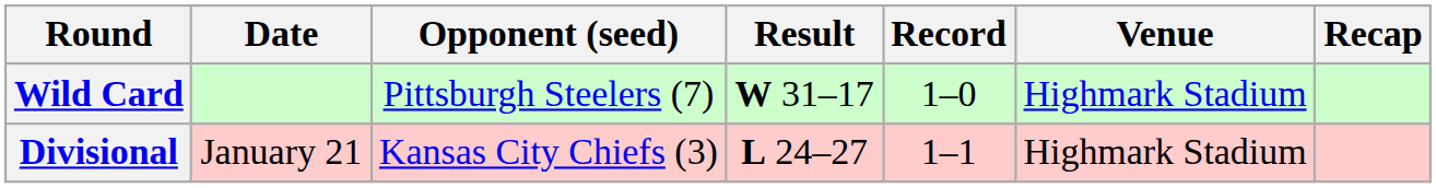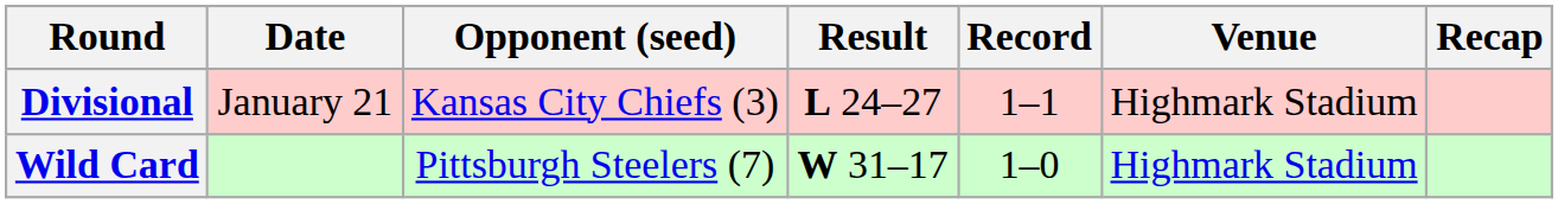 <table class="wikitable" style="text-align:center">
 <tr>
 <th>Round</th>
 <th>Date</th>
 <th>Opponent (seed)</th>
 <th>Result</th>
 <th>Record</th>
 <th>Venue</th>
 <th>Recap</th>
 </tr>
+<tr style="background:#fcc">
+<th><a href='#'>Divisional</a></th>
+<td>January 21</td>
+<td><a href='#'>Kansas City Chiefs</a> (3)</td>
+<td><strong>L</strong> 24–27</td>
+<td>1–1</td>
+<td>Highmark Stadium</td>
+<td></td>
+</tr>
 <tr style="background:#cfc">
 <th><a href='#'>Wild Card</a></th>
 <td></td>
 <td><a href='#'>Pittsburgh Steelers</a> (7)</td>
 <td><strong>W</strong> 31–17</td>
 <td>1–0</td>
 <td><a href='#'>Highmark Stadium</a></td>
 <td></td>
 </tr>
-<tr style="background:#fcc">
-<th><a href='#'>Divisional</a></th>
-<td>January 21</td>
-<td><a href='#'>Kansas City Chiefs</a> (3)</td>
-<td><strong>L</strong> 24–27</td>
-<td>1–1</td>
-<td>Highmark Stadium</td>
-<td></td>
-</tr>
 </table>
